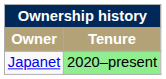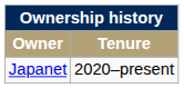 <table class="wikitable" style="text-align:center">
 <tr>
 <th colspan="2" style="background: #002858; color: #FFFFFF;">Ownership history</th>
 </tr>
 <tr>
 <th style="background: #B3A278; color: #FFFFFF;">Owner</th>
 <th style="background: #B3A278; color: #FFFFFF;">Tenure</th>
 </tr>
 <tr>
 <td><a href='#'>Japanet</a></td>
-<td style="background: lightgreen;">2020–present</td>
+<td>2020–present</td>
 </tr>
 </table>
